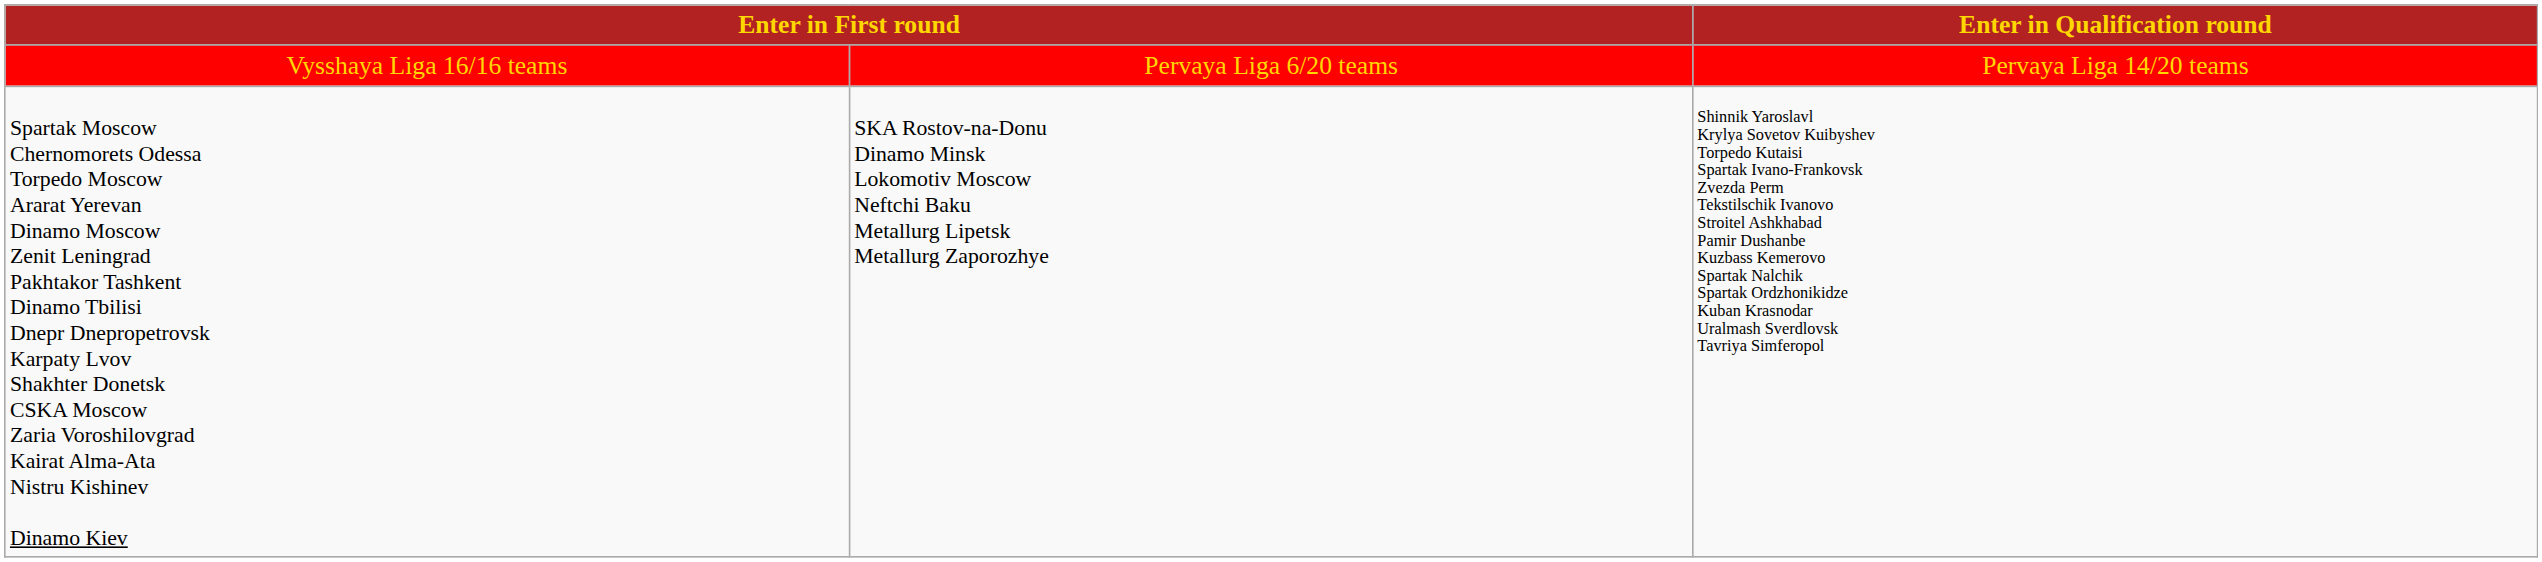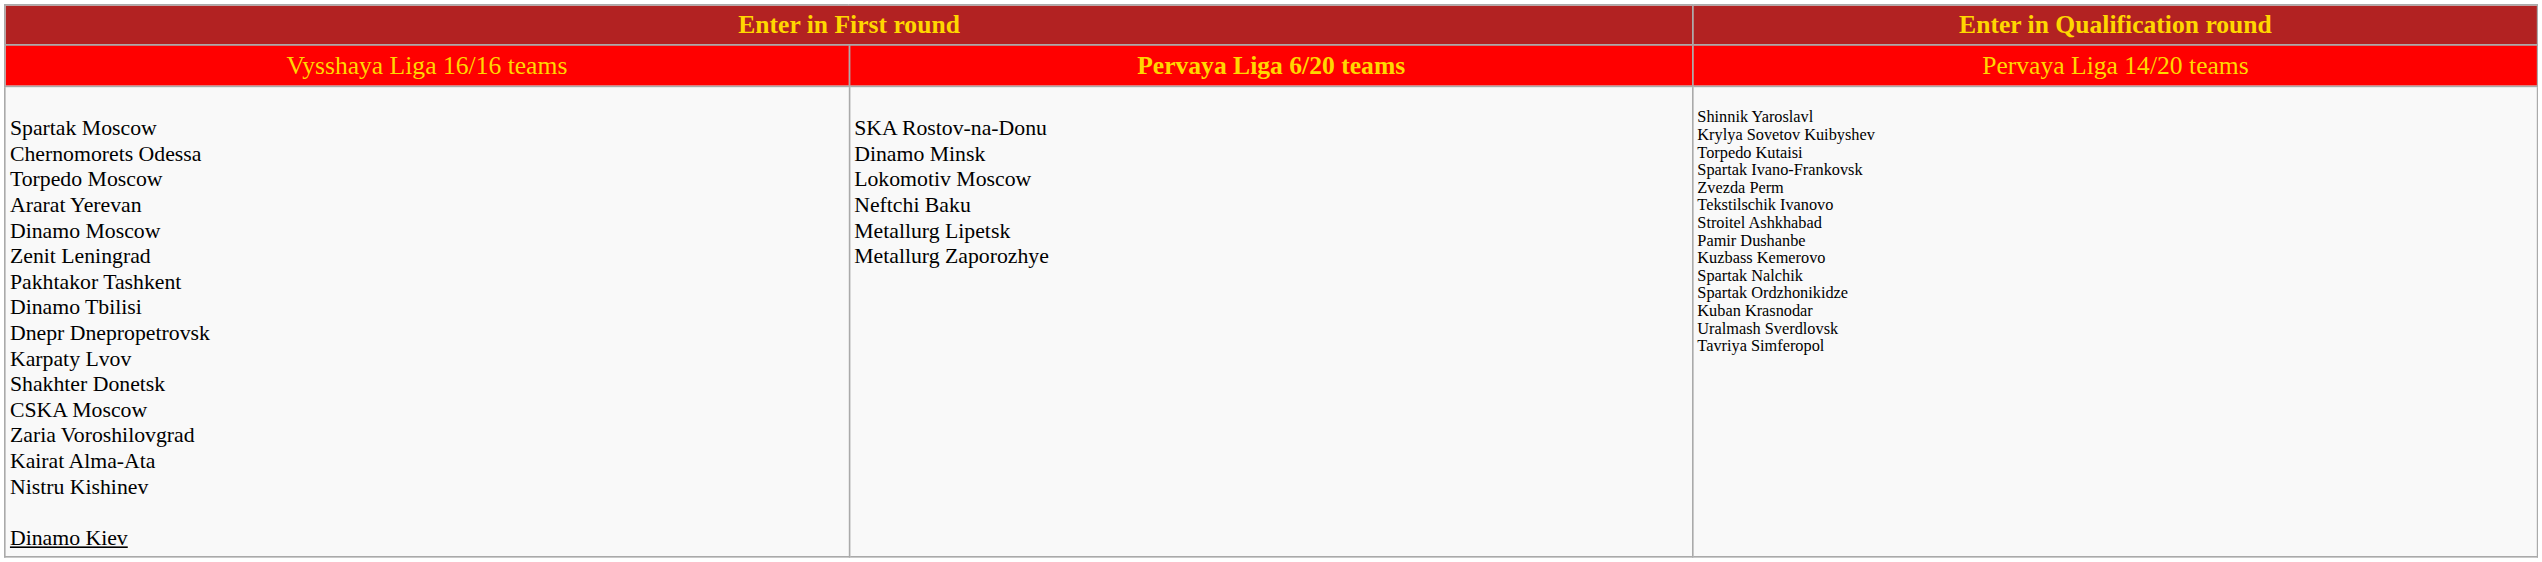 <table class="wikitable" style="width:100%;">
 <tr style="background:Firebrick; text-align:center;">
 <td style="width:67%; color:Gold" colspan="2"><strong>Enter in First round</strong></td>
 <td style="width:33%; color:Gold" colspan="1"><strong>Enter in Qualification round</strong></td>
 </tr>
 <tr style="background:Red;">
 <td style="text-align:center; width:33%; color:Gold" colspan=1>Vysshaya Liga 16/16 teams</td>
-<td style="text-align:center; width:33%; color:Gold" colspan=1>Pervaya Liga 6/20 teams</td>
+<td style="text-align:center; width:33%; color:Gold" colspan=1><strong>Pervaya Liga 6/20 teams</strong></td>
 <td style="text-align:center; width:33%; color:Gold" colspan=1>Pervaya Liga 14/20 teams</td>
 </tr>
 <tr style="vertical-align:top; font-size:85%;">
 <td><br> Spartak Moscow<br>  Chernomorets Odessa<br>  Torpedo Moscow<br>  Ararat Yerevan<br>  Dinamo Moscow<br>  Zenit Leningrad<br>  Pakhtakor Tashkent<br>  Dinamo Tbilisi<br>  Dnepr Dnepropetrovsk<br>  Karpaty Lvov<br>  Shakhter Donetsk<br>  CSKA Moscow<br>  Zaria Voroshilovgrad<br>  Kairat Alma-Ata<br>  Nistru Kishinev<br><br> <u>Dinamo Kiev</u><br></td>
 <td><br> SKA Rostov-na-Donu<br>  Dinamo Minsk<br>  Lokomotiv Moscow<br>  Neftchi Baku<br>  Metallurg Lipetsk<br>  Metallurg Zaporozhye<br></td>
 <td style="font-size:75%;"><br> Shinnik Yaroslavl<br>  Krylya Sovetov Kuibyshev<br>  Torpedo Kutaisi<br>  Spartak Ivano-Frankovsk<br>  Zvezda Perm<br>  Tekstilschik Ivanovo<br>  Stroitel Ashkhabad<br>  Pamir Dushanbe<br>  Kuzbass Kemerovo<br>  Spartak Nalchik<br>  Spartak Ordzhonikidze<br>  Kuban Krasnodar<br>  Uralmash Sverdlovsk<br>  Tavriya Simferopol<br></td>
 </tr>
 </table>
